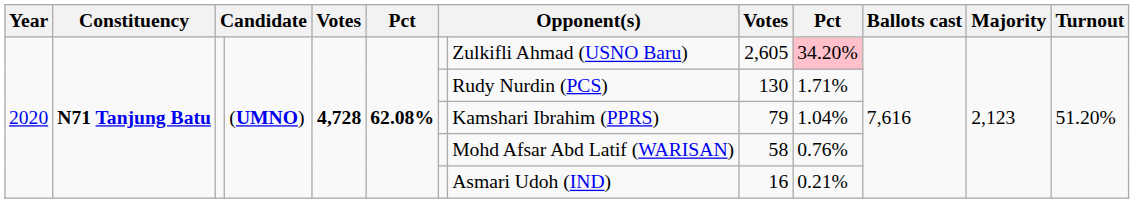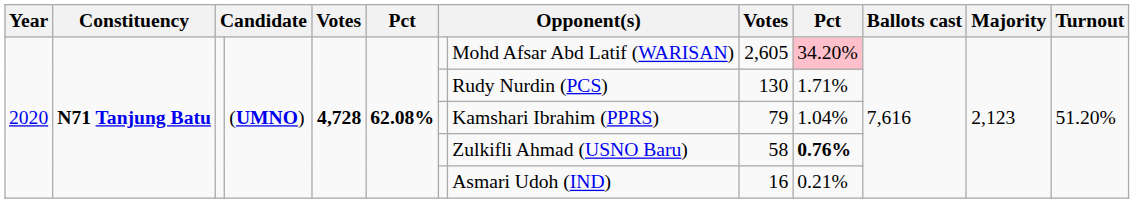 <table class="wikitable" style="margin:0.5em ; font-size:95%">
 <tr>
 <th>Year</th>
 <th>Constituency</th>
 <th colspan=2>Candidate</th>
 <th>Votes</th>
 <th>Pct</th>
 <th colspan=2>Opponent(s)</th>
 <th>Votes</th>
 <th>Pct</th>
 <th>Ballots cast</th>
 <th>Majority</th>
 <th>Turnout</th>
 </tr>
 <tr>
 <td rowspan=5><a href='#'>2020</a></td>
 <td rowspan=5><strong>N71 <a href='#'>Tanjung Batu</a></strong></td>
 <td rowspan=5 ></td>
 <td rowspan=5> (<a href='#'><strong>UMNO</strong></a>)</td>
 <td rowspan=5 align="right"><strong>4,728</strong></td>
 <td rowspan=5><strong>62.08%</strong></td>
 <td></td>
-<td>Zulkifli Ahmad (<a href='#'>USNO Baru</a>)</td>
+<td>Mohd Afsar Abd Latif (<a href='#'>WARISAN</a>)</td>
 <td align="right">2,605</td>
 <td style="background: pink;">34.20%</td>
 <td rowspan=5>7,616</td>
 <td rowspan=5>2,123</td>
 <td rowspan=5>51.20%</td>
 </tr>
 <tr>
 <td></td>
 <td>Rudy Nurdin (<a href='#'>PCS</a>)</td>
 <td align="right">130</td>
 <td>1.71%</td>
 </tr>
 <tr>
 <td></td>
 <td>Kamshari Ibrahim (<a href='#'>PPRS</a>)</td>
 <td align="right">79</td>
 <td>1.04%</td>
 </tr>
 <tr>
 <td bgcolor=></td>
-<td>Mohd Afsar Abd Latif (<a href='#'>WARISAN</a>)</td>
+<td>Zulkifli Ahmad (<a href='#'>USNO Baru</a>)</td>
 <td align="right">58</td>
-<td>0.76%</td>
+<td><strong>0.76%</strong></td>
 </tr>
 <tr>
 <td></td>
 <td>Asmari Udoh (<a href='#'>IND</a>)</td>
 <td align="right">16</td>
 <td>0.21%</td>
 </tr>
 </table>
